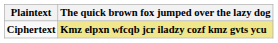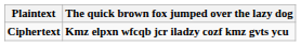 <table class="wikitable">
 <tr>
 <th>Plaintext</th>
 <th>The quick brown fox jumped over the lazy dog</th>
 </tr>
 <tr>
 <td><strong>Ciphertext</strong></td>
-<td style="background: khaki;"><strong>Kmz elpxn wfcqb jcr iladzy cozf kmz gvts ycu</strong></td>
+<td><strong>Kmz elpxn wfcqb jcr iladzy cozf kmz gvts ycu</strong></td>
 </tr>
 </table>
